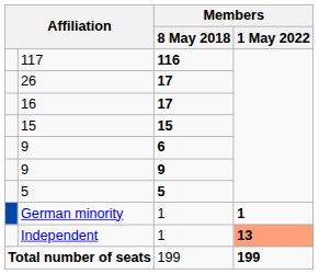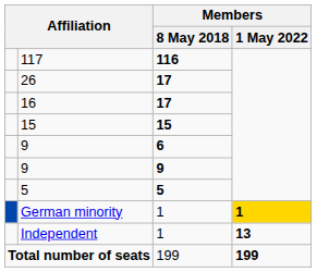 <table class="wikitable">
 <tr>
 <th colspan="2" rowspan="2" style="vertical-align:middle;">Affiliation</th>
 <th colspan="2" style="vertical-align:top;">Members</th>
 </tr>
 <tr>
 <th>8 May 2018</th>
 <th>1 May 2022</th>
 </tr>
 <tr>
 <td></td>
 <td>117</td>
 <td><strong>116</strong></td>
 </tr>
 <tr>
 <td></td>
 <td>26</td>
 <td><strong>17</strong></td>
 </tr>
 <tr>
 <td></td>
 <td>16</td>
 <td><strong>17</strong></td>
 </tr>
 <tr>
 <td></td>
 <td>15</td>
 <td><strong>15</strong></td>
 </tr>
 <tr>
 <td></td>
 <td>9</td>
 <td><strong>6</strong></td>
 </tr>
 <tr>
 <td></td>
 <td>9</td>
 <td><strong>9</strong></td>
 </tr>
 <tr>
 <td></td>
 <td>5</td>
 <td><strong>5</strong></td>
 </tr>
 <tr>
 <td style="background-color:#0047AB"> </td>
 <td><a href='#'>German minority</a> <br></td>
 <td>1</td>
-<td><strong>1</strong></td>
+<td style="background: gold;"><strong>1</strong></td>
 </tr>
 <tr>
 <td style="background-color:"> </td>
 <td><a href='#'>Independent</a> <br></td>
 <td>1</td>
-<td style="background: lightsalmon;"><strong>13</strong></td>
+<td><strong>13</strong></td>
 </tr>
 <tr>
 <td colspan="2" rowspan="1"><strong>Total number of seats</strong><br></td>
 <td>199</td>
 <td><strong>199</strong></td>
 </tr>
 </table>
